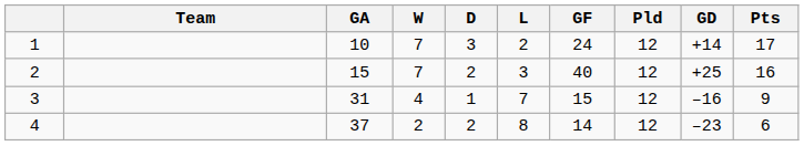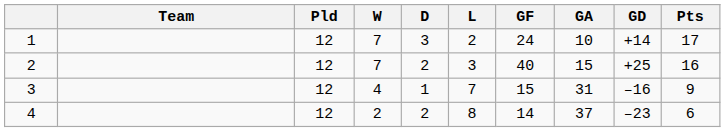 <table class="wikitable" style="text-align: center;">
 <tr>
 <th style="width: 40px;"></th>
 <th style="width: 200px;">Team</th>
-<th style="width: 45px;">GA</th>
+<th style="width: 45px;">Pld</th>
 <th style="width: 35px;">W</th>
 <th style="width: 35px;">D</th>
 <th style="width: 35px;">L</th>
 <th style="width: 45px;">GF</th>
-<th style="width: 45px;">Pld</th>
+<th style="width: 45px;">GA</th>
 <th style="width: 35px;">GD</th>
 <th style="width: 45px;">Pts</th>
 </tr>
 <tr>
 <td>1</td>
 <td style="text-align: left;"></td>
-<td>10</td>
+<td>12</td>
 <td>7</td>
 <td>3</td>
 <td>2</td>
 <td>24</td>
-<td>12</td>
+<td>10</td>
 <td>+14</td>
 <td>17</td>
 </tr>
 <tr>
 <td>2</td>
 <td style="text-align: left;"></td>
-<td>15</td>
+<td>12</td>
 <td>7</td>
 <td>2</td>
 <td>3</td>
 <td>40</td>
-<td>12</td>
+<td>15</td>
 <td>+25</td>
 <td>16</td>
 </tr>
 <tr>
 <td>3</td>
 <td style="text-align: left;"></td>
-<td>31</td>
+<td>12</td>
 <td>4</td>
 <td>1</td>
 <td>7</td>
 <td>15</td>
-<td>12</td>
+<td>31</td>
 <td>–16</td>
 <td>9</td>
 </tr>
 <tr>
 <td>4</td>
 <td style="text-align: left;"></td>
-<td>37</td>
+<td>12</td>
 <td>2</td>
 <td>2</td>
 <td>8</td>
 <td>14</td>
-<td>12</td>
+<td>37</td>
 <td>–23</td>
 <td>6</td>
 </tr>
 </table>
